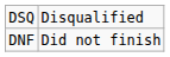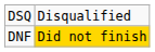 <table class="wikitable">
 <tr>
 <td style="text-align:center;">DSQ</td>
 <td>Disqualified</td>
 </tr>
 <tr>
 <td style="text-align:center;">DNF</td>
-<td>Did not finish</td>
+<td style="background: gold;">Did not finish</td>
 </tr>
 </table>
